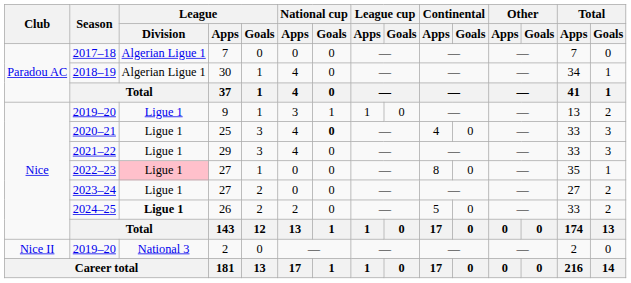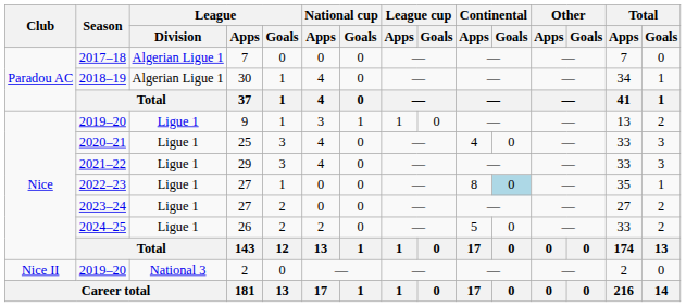 <table class="wikitable" style="text-align: center;">
 <tr>
 <th rowspan="2">Club</th>
 <th rowspan="2">Season</th>
 <th colspan="3">League</th>
 <th colspan="2">National cup</th>
 <th colspan="2">League cup</th>
 <th colspan="2">Continental</th>
 <th colspan="2">Other</th>
 <th colspan="2">Total</th>
 </tr>
 <tr>
 <th>Division</th>
 <th>Apps</th>
 <th>Goals</th>
 <th>Apps</th>
 <th>Goals</th>
 <th>Apps</th>
 <th>Goals</th>
 <th>Apps</th>
 <th>Goals</th>
 <th>Apps</th>
 <th>Goals</th>
 <th>Apps</th>
 <th>Goals</th>
 </tr>
 <tr>
 <td rowspan="3"><a href='#'>Paradou AC</a></td>
 <td><a href='#'>2017–18</a></td>
 <td><a href='#'>Algerian Ligue 1</a></td>
 <td>7</td>
 <td>0</td>
 <td>0</td>
 <td>0</td>
 <td colspan="2">—</td>
 <td colspan="2">—</td>
 <td colspan="2">—</td>
 <td>7</td>
 <td>0</td>
 </tr>
 <tr>
 <td><a href='#'>2018–19</a></td>
 <td>Algerian Ligue 1</td>
 <td>30</td>
 <td>1</td>
 <td>4</td>
 <td>0</td>
 <td colspan="2">—</td>
 <td colspan="2">—</td>
 <td colspan="2">—</td>
 <td>34</td>
 <td>1</td>
 </tr>
 <tr>
 <th colspan="2">Total</th>
 <th>37</th>
 <th>1</th>
 <th>4</th>
 <th>0</th>
 <th colspan="2">—</th>
 <th colspan="2">—</th>
 <th colspan="2">—</th>
 <th>41</th>
 <th>1</th>
 </tr>
 <tr>
 <td rowspan="7"><a href='#'>Nice</a></td>
 <td><a href='#'>2019–20</a></td>
 <td><a href='#'>Ligue 1</a></td>
 <td>9</td>
 <td>1</td>
 <td>3</td>
 <td>1</td>
 <td>1</td>
 <td>0</td>
 <td colspan="2">—</td>
 <td colspan="2">—</td>
 <td>13</td>
 <td>2</td>
 </tr>
 <tr>
 <td><a href='#'>2020–21</a></td>
 <td>Ligue 1</td>
 <td>25</td>
 <td>3</td>
 <td>4</td>
-<td><strong>0</strong></td>
+<td>0</td>
 <td colspan="2">—</td>
 <td>4</td>
 <td>0</td>
 <td colspan="2">—</td>
 <td>33</td>
 <td>3</td>
 </tr>
 <tr>
 <td><a href='#'>2021–22</a></td>
 <td>Ligue 1</td>
 <td>29</td>
 <td>3</td>
 <td>4</td>
 <td>0</td>
 <td colspan="2">—</td>
 <td colspan="2">—</td>
 <td colspan="2">—</td>
 <td>33</td>
 <td>3</td>
 </tr>
 <tr>
 <td><a href='#'>2022–23</a></td>
-<td style="background: pink;">Ligue 1</td>
+<td>Ligue 1</td>
 <td>27</td>
 <td>1</td>
 <td>0</td>
 <td>0</td>
 <td colspan="2">—</td>
 <td>8</td>
-<td>0</td>
+<td style="background: lightblue;">0</td>
 <td colspan="2">—</td>
 <td>35</td>
 <td>1</td>
 </tr>
 <tr>
 <td><a href='#'>2023–24</a></td>
 <td>Ligue 1</td>
 <td>27</td>
 <td>2</td>
 <td>0</td>
 <td>0</td>
 <td colspan="2">—</td>
 <td colspan="2">—</td>
 <td colspan="2">—</td>
 <td>27</td>
 <td>2</td>
 </tr>
 <tr>
 <td><a href='#'>2024–25</a></td>
-<td><strong>Ligue 1</strong></td>
+<td>Ligue 1</td>
 <td>26</td>
 <td>2</td>
 <td>2</td>
 <td>0</td>
 <td colspan="2">—</td>
 <td>5</td>
 <td>0</td>
 <td colspan="2">—</td>
 <td>33</td>
 <td>2</td>
 </tr>
 <tr>
 <th colspan="2">Total</th>
 <th>143</th>
 <th>12</th>
 <th>13</th>
 <th>1</th>
 <th>1</th>
 <th>0</th>
 <th>17</th>
 <th>0</th>
 <th>0</th>
 <th>0</th>
 <th>174</th>
 <th>13</th>
 </tr>
 <tr>
 <td><a href='#'>Nice II</a></td>
 <td><a href='#'>2019–20</a></td>
 <td><a href='#'>National 3</a></td>
 <td>2</td>
 <td>0</td>
 <td colspan="2">—</td>
 <td colspan="2">—</td>
 <td colspan="2">—</td>
 <td colspan="2">—</td>
 <td>2</td>
 <td>0</td>
 </tr>
 <tr>
 <th colspan="3">Career total</th>
 <th>181</th>
 <th>13</th>
 <th>17</th>
 <th>1</th>
 <th>1</th>
 <th>0</th>
 <th>17</th>
 <th>0</th>
 <th>0</th>
 <th>0</th>
 <th>216</th>
 <th>14</th>
 </tr>
 </table>
